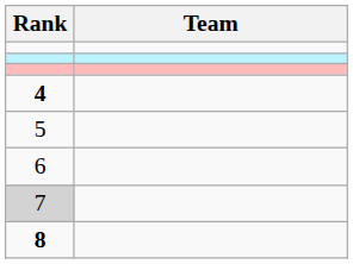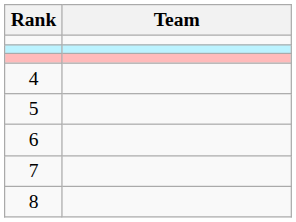 <table class="wikitable">
 <tr>
 <th width=40>Rank</th>
 <th width=180>Team</th>
 </tr>
 <tr>
 <td align=center></td>
 <td></td>
 </tr>
 <tr bgcolor=#BBF3FF>
 <td align=center></td>
 <td></td>
 </tr>
 <tr bgcolor=#FFBBBB>
 <td align=center></td>
 <td></td>
 </tr>
 <tr>
-<td align=center><strong>4</strong></td>
+<td align=center>4</td>
 <td></td>
 </tr>
 <tr>
 <td align=center>5</td>
 <td></td>
 </tr>
 <tr>
 <td align=center>6</td>
 <td></td>
 </tr>
 <tr>
-<td align=center style="background: lightgrey;">7</td>
+<td align=center>7</td>
 <td></td>
 </tr>
 <tr>
-<td align=center><strong>8</strong></td>
+<td align=center>8</td>
 <td></td>
 </tr>
 </table>
